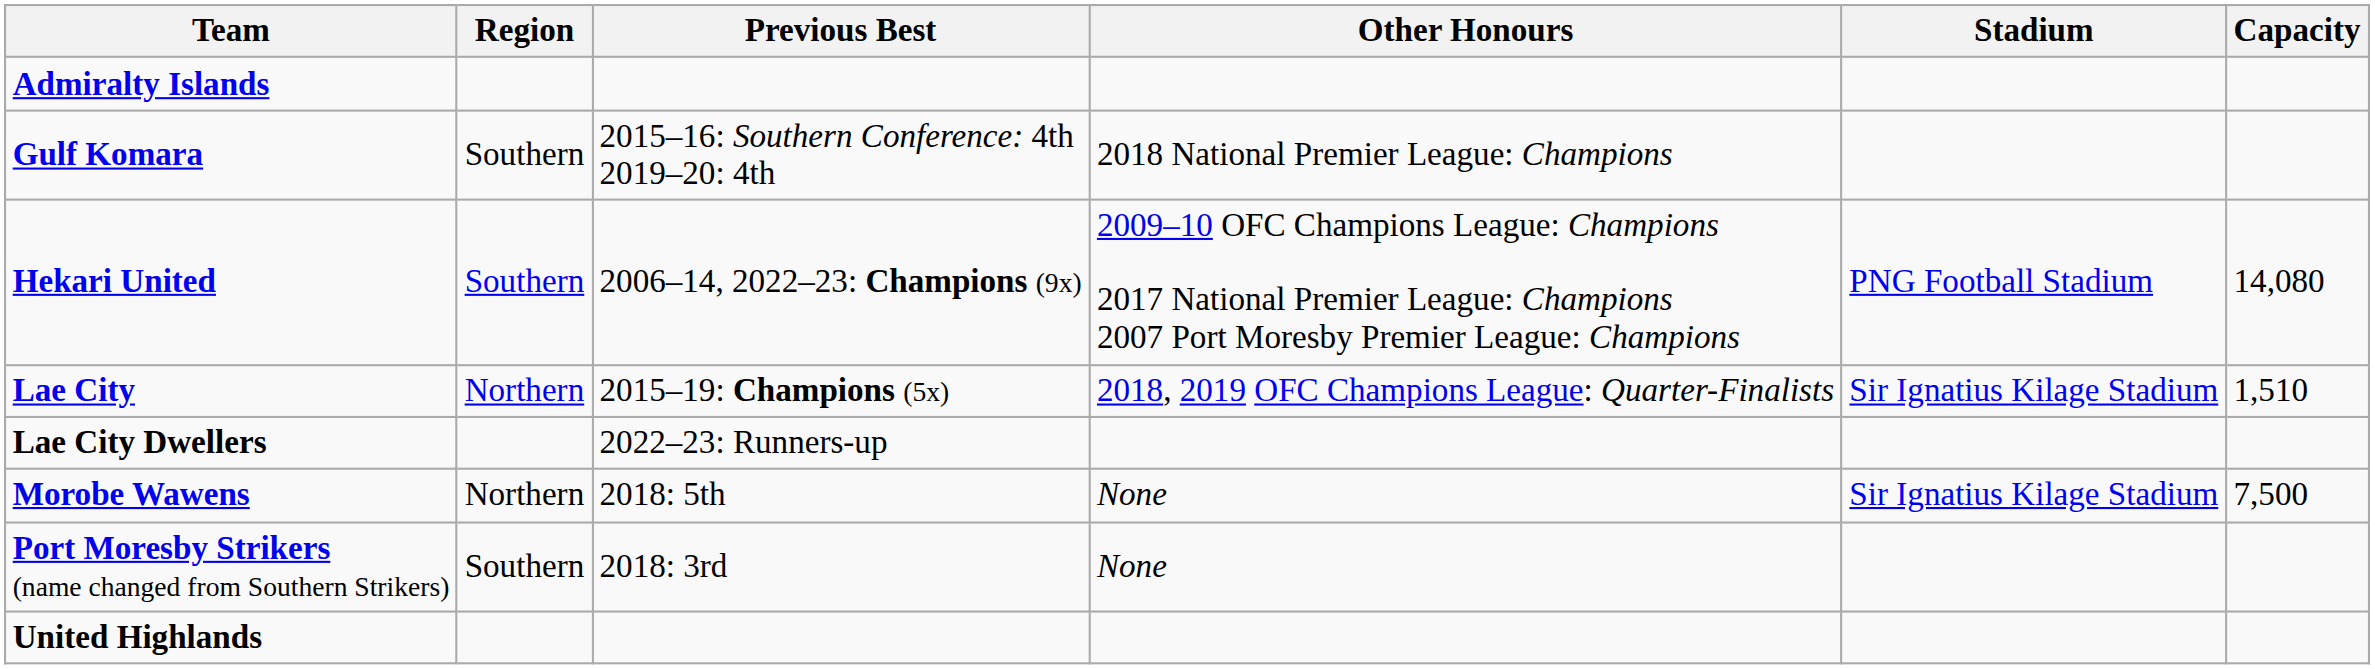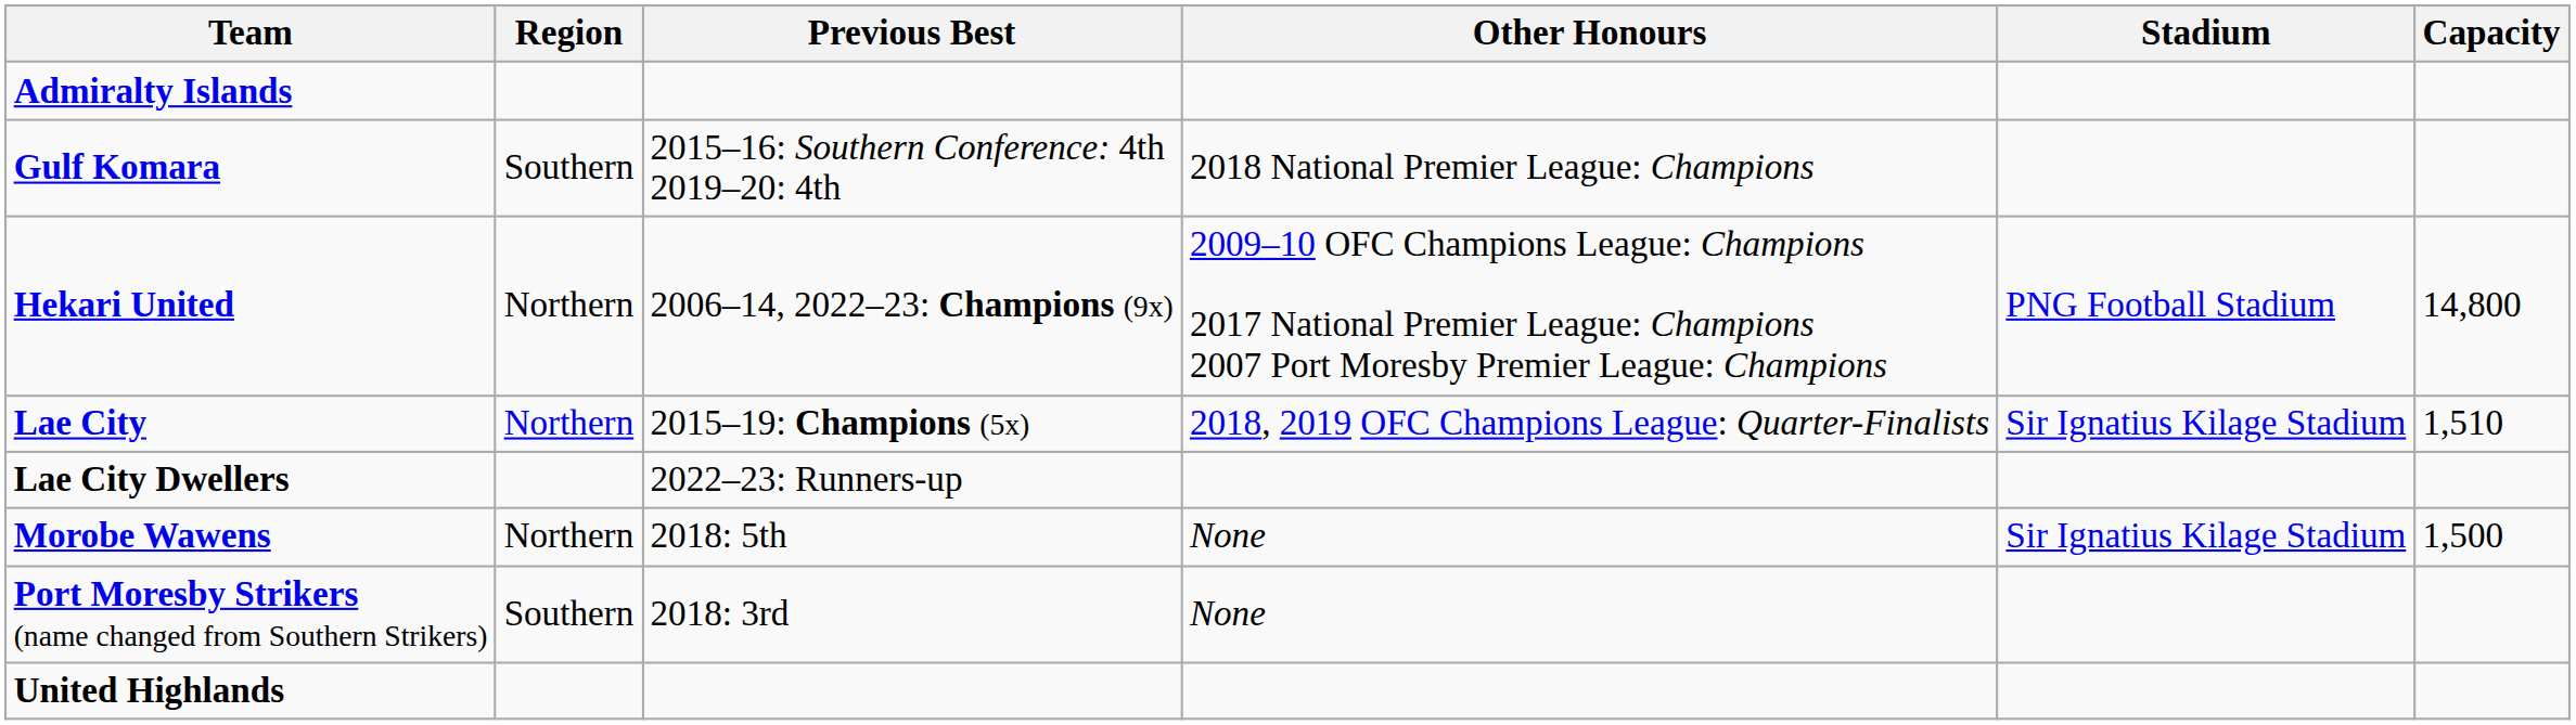 <table class="wikitable">
 <tr>
 <th>Team</th>
 <th>Region</th>
 <th>Previous Best</th>
 <th>Other Honours</th>
 <th>Stadium</th>
 <th>Capacity</th>
 </tr>
 <tr>
 <td><strong><a href='#'>Admiralty Islands</a></strong></td>
 <td></td>
 <td></td>
 <td></td>
 <td></td>
 <td></td>
 </tr>
 <tr>
 <td><strong><a href='#'>Gulf Komara</a></strong></td>
 <td>Southern</td>
 <td>2015–16: <em>Southern Conference:</em> 4th<br>2019–20: 4th</td>
 <td>2018 National Premier League: <em>Champions</em></td>
 <td></td>
 <td></td>
 </tr>
 <tr>
 <td><strong><a href='#'>Hekari United</a></strong></td>
-<td><a href='#'>Southern</a></td>
+<td>Northern</td>
 <td>2006–14, 2022–23: <strong>Champions</strong> <small>(9x)</small></td>
 <td><a href='#'>2009–10</a> OFC Champions League: <em>Champions</em><br><br>2017 National Premier League: <em>Champions</em><br> 2007 Port Moresby Premier League: <em>Champions</em></td>
 <td><a href='#'>PNG Football Stadium</a></td>
-<td>14,080</td>
+<td>14,800</td>
 </tr>
 <tr>
 <td><strong><a href='#'>Lae City</a></strong></td>
 <td><a href='#'>Northern</a></td>
 <td>2015–19: <strong>Champions</strong> <small>(5x)</small></td>
 <td><a href='#'>2018</a>, <a href='#'>2019</a> <a href='#'>OFC Champions League</a>: <em>Quarter-Finalists</em></td>
 <td><a href='#'>Sir Ignatius Kilage Stadium</a></td>
 <td>1,510</td>
 </tr>
 <tr>
 <td><strong>Lae City Dwellers</strong></td>
 <td></td>
 <td>2022–23: Runners-up</td>
 <td></td>
 <td></td>
 <td></td>
 </tr>
 <tr>
 <td><strong><a href='#'>Morobe Wawens</a></strong></td>
 <td>Northern</td>
 <td>2018: 5th</td>
 <td><em>None</em></td>
 <td><a href='#'>Sir Ignatius Kilage Stadium</a></td>
-<td>7,500</td>
+<td>1,500</td>
 </tr>
 <tr>
 <td><strong><a href='#'>Port Moresby Strikers</a></strong> <br><small>(name changed from Southern Strikers)</small></td>
 <td>Southern</td>
 <td>2018: 3rd</td>
 <td><em>None</em></td>
 <td></td>
 <td></td>
 </tr>
 <tr>
 <td><strong>United Highlands</strong></td>
 <td></td>
 <td></td>
 <td></td>
 <td></td>
 <td></td>
 </tr>
 </table>
